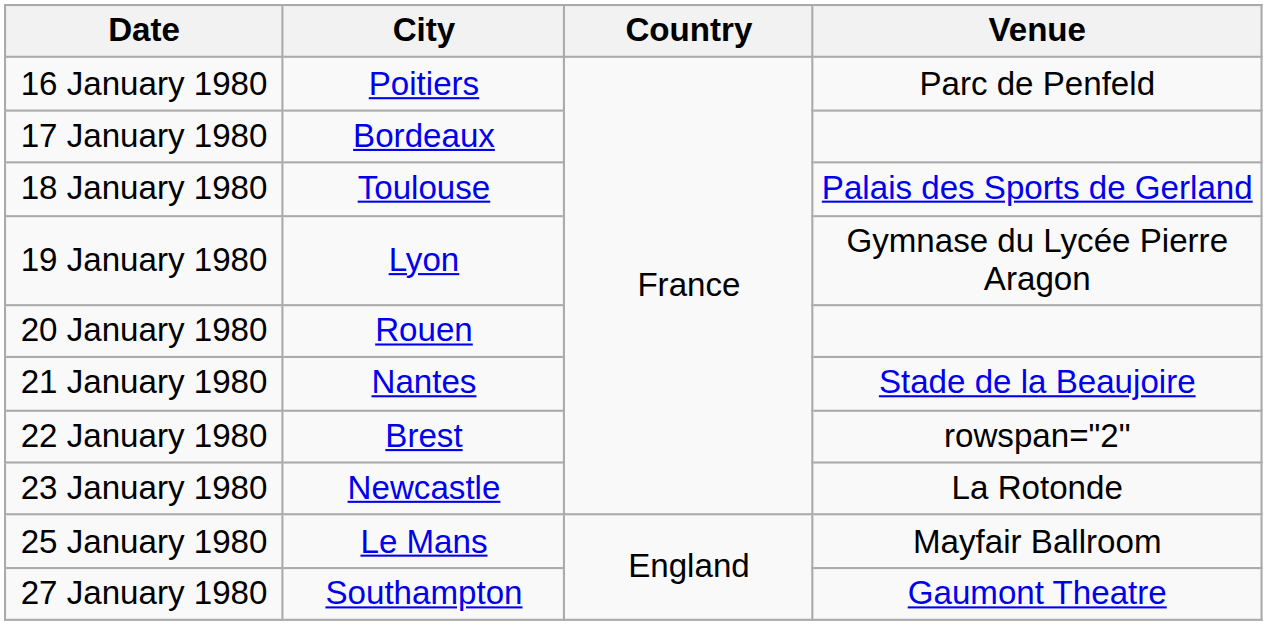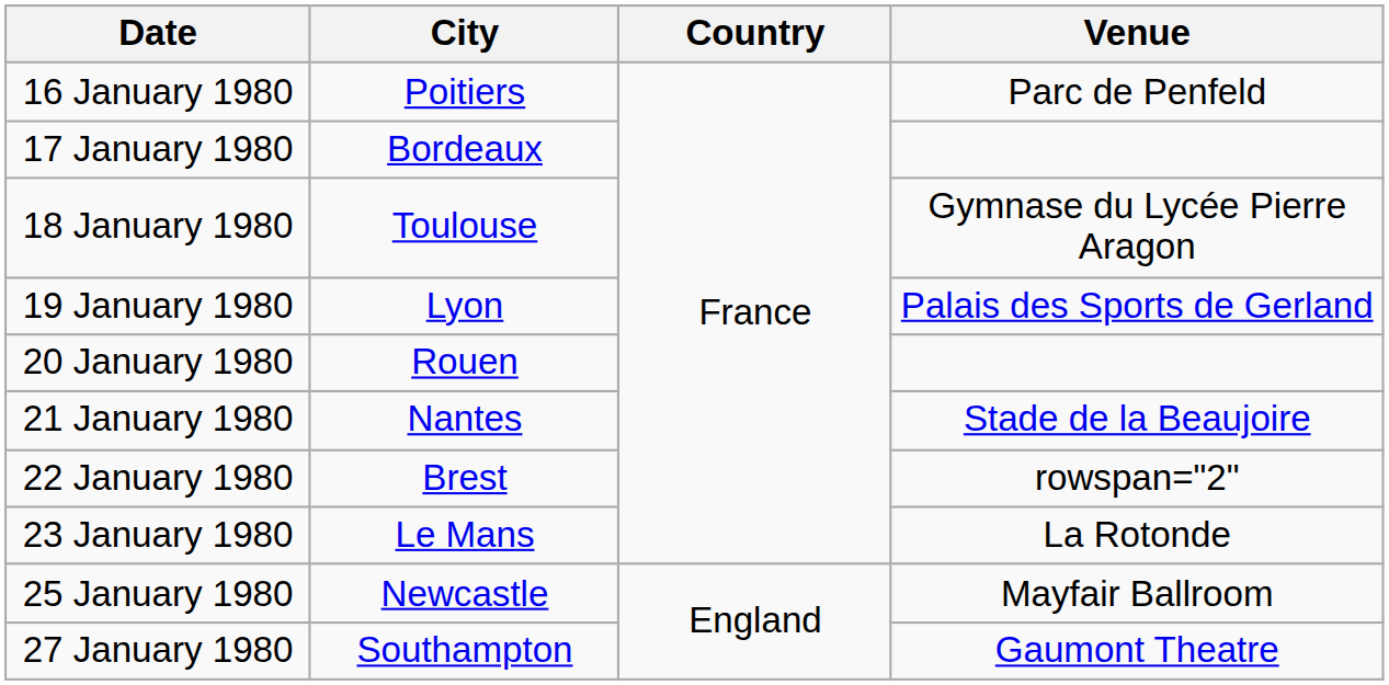 <table class="wikitable" style="text-align:center;">
 <tr>
 <th scope="col" style="width:12em;">Date</th>
 <th scope="col" style="width:10em;">City</th>
 <th scope="col" style="width:10em;">Country</th>
 <th scope="col" style="width:20em;">Venue</th>
 </tr>
 <tr>
 <td>16 January 1980</td>
 <td><a href='#'>Poitiers</a></td>
 <td rowspan="8">France</td>
 <td>Parc de Penfeld</td>
 </tr>
 <tr>
 <td>17 January 1980</td>
 <td><a href='#'>Bordeaux</a></td>
 </tr>
 <tr>
 <td>18 January 1980</td>
 <td><a href='#'>Toulouse</a></td>
-<td><a href='#'>Palais des Sports de Gerland</a></td>
+<td>Gymnase du Lycée Pierre Aragon</td>
 </tr>
 <tr>
 <td>19 January 1980</td>
 <td><a href='#'>Lyon</a></td>
-<td>Gymnase du Lycée Pierre Aragon</td>
+<td><a href='#'>Palais des Sports de Gerland</a></td>
 </tr>
 <tr>
 <td>20 January 1980</td>
 <td><a href='#'>Rouen</a></td>
 <td></td>
 </tr>
 <tr>
 <td>21 January 1980</td>
 <td><a href='#'>Nantes</a></td>
 <td><a href='#'>Stade de la Beaujoire</a></td>
 </tr>
 <tr>
 <td>22 January 1980</td>
 <td><a href='#'>Brest</a></td>
 <td>rowspan="2" </td>
 </tr>
 <tr>
 <td>23 January 1980</td>
-<td><a href='#'>Newcastle</a></td>
+<td><a href='#'>Le Mans</a></td>
 <td>La Rotonde</td>
 </tr>
 <tr>
 <td>25 January 1980</td>
-<td><a href='#'>Le Mans</a></td>
+<td><a href='#'>Newcastle</a></td>
 <td rowspan="2">England</td>
 <td>Mayfair Ballroom</td>
 </tr>
 <tr>
 <td>27 January 1980</td>
 <td><a href='#'>Southampton</a></td>
 <td><a href='#'>Gaumont Theatre</a></td>
 </tr>
 </table>
